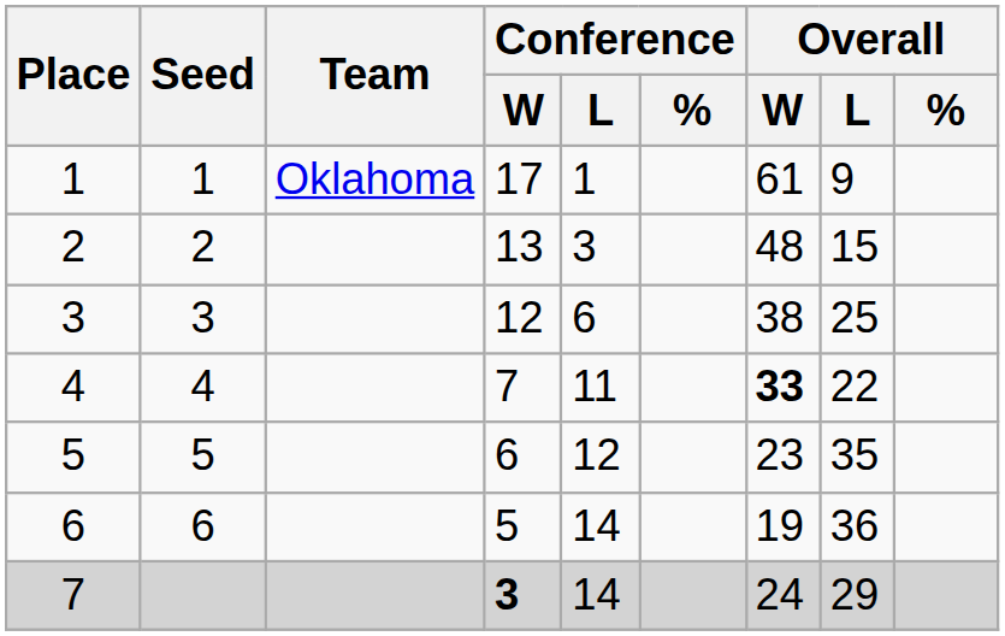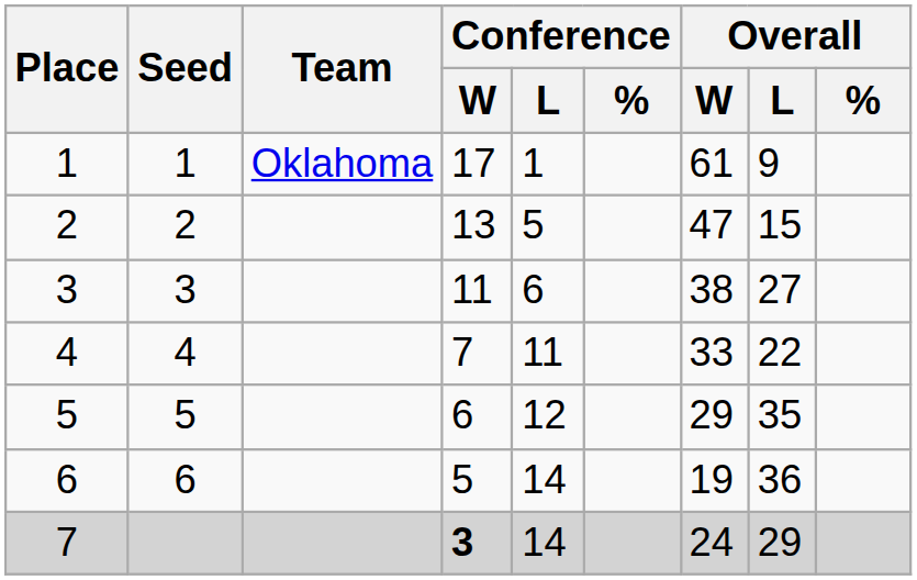 <table class="wikitable">
 <tr>
 <th rowspan ="2">Place</th>
 <th rowspan ="2">Seed</th>
 <th rowspan ="2">Team</th>
 <th colspan = "3">Conference</th>
 <th colspan = "3">Overall</th>
 </tr>
 <tr>
 <th scope="col" style="width: 20px;">W</th>
 <th scope="col" style="width: 20px;">L</th>
 <th scope="col" style="width: 30px;">%</th>
 <th scope="col" style="width: 20px;">W</th>
 <th scope="col" style="width: 20px;">L</th>
 <th scope="col" style="width: 30px;">%</th>
 </tr>
 <tr>
 <td style="text-align:center;">1</td>
 <td style="text-align:center;">1</td>
 <td><a href='#'>Oklahoma</a></td>
 <td>17</td>
 <td>1</td>
 <td></td>
 <td>61</td>
 <td>9</td>
 <td></td>
 </tr>
 <tr>
 <td style="text-align:center;">2</td>
 <td style="text-align:center;">2</td>
 <td></td>
 <td>13</td>
-<td>3</td>
+<td>5</td>
 <td></td>
-<td>48</td>
+<td>47</td>
 <td>15</td>
 <td></td>
 </tr>
 <tr>
 <td style="text-align:center;">3</td>
 <td style="text-align:center;">3</td>
 <td></td>
-<td>12</td>
+<td>11</td>
 <td>6</td>
 <td></td>
 <td>38</td>
-<td>25</td>
+<td>27</td>
 <td></td>
 </tr>
 <tr>
 <td style="text-align:center;">4</td>
 <td style="text-align:center;">4</td>
 <td></td>
 <td>7</td>
 <td>11</td>
 <td></td>
-<td><strong>33</strong></td>
+<td>33</td>
 <td>22</td>
 <td></td>
 </tr>
 <tr>
 <td style="text-align:center;">5</td>
 <td style="text-align:center;">5</td>
 <td></td>
 <td>6</td>
 <td>12</td>
 <td></td>
-<td>23</td>
+<td>29</td>
 <td>35</td>
 <td></td>
 </tr>
 <tr>
 <td style="text-align:center;">6</td>
 <td style="text-align:center;">6</td>
 <td></td>
 <td>5</td>
 <td>14</td>
 <td></td>
 <td>19</td>
 <td>36</td>
 <td></td>
 </tr>
 <tr bgcolor=#d3d3d3>
 <td style="text-align:center;">7</td>
 <td style="text-align:center;"></td>
 <td></td>
 <td><strong>3</strong></td>
 <td>14</td>
 <td></td>
 <td>24</td>
 <td>29</td>
 <td></td>
 </tr>
 </table>
